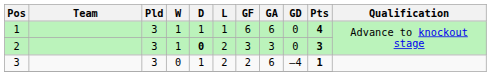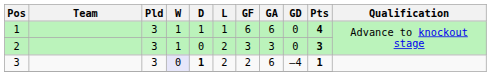 <table class="wikitable" border="1" style="text-align: center;">
 <tr>
 <th width="25"><abbr>Pos</abbr></th>
 <th width="150">Team</th>
 <th width="25">Pld</th>
 <th width="25">W</th>
 <th width="25">D</th>
 <th width="25">L</th>
 <th width="25"><abbr>GF</abbr></th>
 <th width="25"><abbr>GA</abbr></th>
 <th width="25"><abbr>GD</abbr></th>
 <th width="25"><abbr>Pts</abbr></th>
 <th width="200">Qualification</th>
 </tr>
 <tr bgcolor = #BBF3BB>
 <td>1</td>
 <td align="left"></td>
 <td>3</td>
 <td>1</td>
 <td>1</td>
 <td>1</td>
 <td>6</td>
 <td>6</td>
 <td>0</td>
 <td><strong>4</strong></td>
 <td rowspan=2>Advance to <a href='#'>knockout stage</a></td>
 </tr>
 <tr bgcolor= #BBF3BB>
 <td>2</td>
 <td align="left"></td>
 <td>3</td>
 <td>1</td>
-<td><strong>0</strong></td>
+<td>0</td>
 <td>2</td>
 <td>3</td>
 <td>3</td>
 <td>0</td>
 <td><strong>3</strong></td>
 </tr>
 <tr>
 <td>3</td>
 <td align="left"></td>
 <td>3</td>
-<td>0</td>
-<td>1</td>
+<td style="background: lavender;">0</td>
+<td><strong>1</strong></td>
 <td>2</td>
 <td>2</td>
 <td>6</td>
 <td>–4</td>
 <td><strong>1</strong></td>
 </tr>
 <tr>
 </tr>
 </table>
